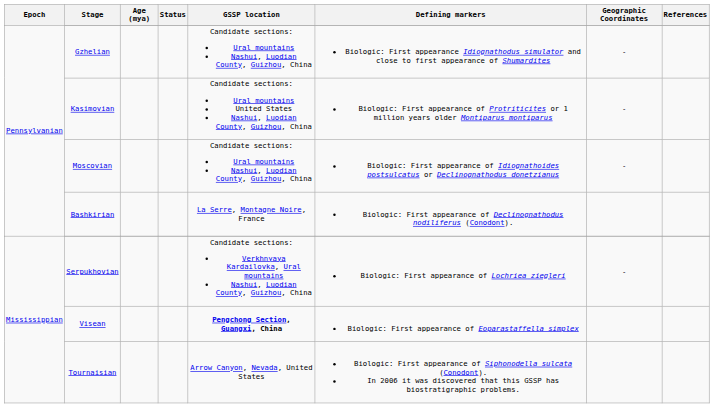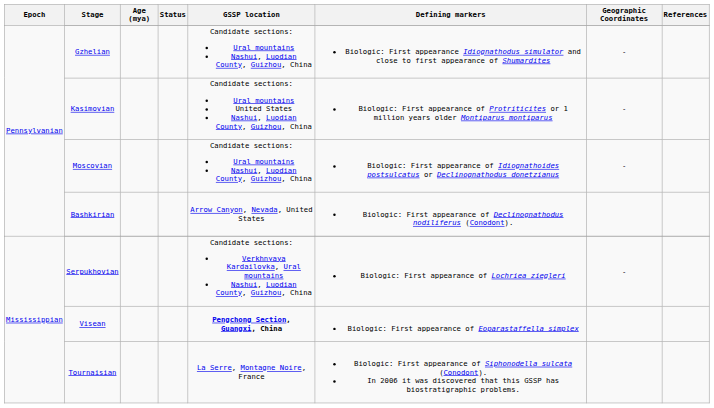 <table class="wikitable"  style="font-size:90%; width:90%; text-align:center;">
 <tr>
 <th style="width:75px;">Epoch</th>
 <th style="width:75px;">Stage</th>
 <th style="width:55px;">Age (mya)</th>
 <th style="width:15px;">Status</th>
 <th style="width:200px;">GSSP location</th>
 <th width="">Defining markers</th>
 <th width="">Geographic Coordinates</th>
 <th width="">References</th>
 </tr>
 <tr style="background:">
 <td rowspan="5"><a href='#'>Pennsylvanian</a></td>
 </tr>
 <tr style="background:">
 <td><a href='#'>Gzhelian</a></td>
 <td></td>
 <td></td>
 <td>Candidate sections:<br><ul><li><a href='#'>Ural mountains</a></li><li><a href='#'>Nashui</a>, <a href='#'>Luodian County</a>, <a href='#'>Guizhou</a>, China</li></ul></td>
 <td><br><ul><li>Biologic: First appearance <em><a href='#'>Idiognathodus simulator</a></em> and close to first appearance of <em><a href='#'>Shumardites</a></em></li></ul></td>
 <td>-</td>
 <td></td>
 </tr>
 <tr style="background:">
 <td><a href='#'>Kasimovian</a></td>
 <td></td>
 <td></td>
 <td>Candidate sections:<br><ul><li><a href='#'>Ural mountains</a></li><li>United States</li><li><a href='#'>Nashui</a>, <a href='#'>Luodian County</a>, <a href='#'>Guizhou</a>, China</li></ul></td>
 <td><br><ul><li>Biologic: First appearance of <em><a href='#'>Protriticites</a></em> or 1 million years older <em><a href='#'>Montiparus montiparus</a></em></li></ul></td>
 <td>-</td>
 <td></td>
 </tr>
 <tr style="background:">
 <td><a href='#'>Moscovian</a></td>
 <td></td>
 <td></td>
 <td>Candidate sections:<br><ul><li><a href='#'>Ural mountains</a></li><li><a href='#'>Nashui</a>, <a href='#'>Luodian County</a>, <a href='#'>Guizhou</a>, China</li></ul></td>
 <td><br><ul><li>Biologic: First appearance of <em><a href='#'>Idiognathoides postsulcatus</a></em> or <em><a href='#'>Declinognathodus donetzianus</a></em></li></ul></td>
 <td>-</td>
 <td></td>
 </tr>
 <tr style="background:">
 <td><a href='#'>Bashkirian</a></td>
 <td></td>
 <td></td>
-<td><a href='#'>La Serre</a>, <a href='#'>Montagne Noire</a>, France</td>
+<td><a href='#'>Arrow Canyon</a>, <a href='#'>Nevada</a>, United States</td>
 <td><br><ul><li>Biologic: First appearance of <em><a href='#'>Declinognathodus nodiliferus</a></em> (<a href='#'>Conodont</a>).</li></ul></td>
 <td></td>
 <td></td>
 </tr>
 <tr style="background:">
 <td rowspan="4"><a href='#'>Mississippian</a></td>
 </tr>
 <tr style="background:">
 <td><a href='#'>Serpukhovian</a></td>
 <td></td>
 <td></td>
 <td>Candidate sections:<br><ul><li><a href='#'>Verkhnyaya Kardailovka</a>, <a href='#'>Ural mountains</a></li><li><a href='#'>Nashui</a>, <a href='#'>Luodian County</a>, <a href='#'>Guizhou</a>, China</li></ul></td>
 <td><br><ul><li>Biologic: First appearance of <em><a href='#'>Lochriea ziegleri</a></em></li></ul></td>
 <td>-</td>
 <td></td>
 </tr>
 <tr style="background:">
 <td><a href='#'>Visean</a></td>
 <td></td>
 <td></td>
 <td><strong><a href='#'>Pengchong Section</a>,<br><a href='#'>Guangxi</a>, China</strong></td>
 <td><br><ul><li>Biologic: First appearance of <em><a href='#'>Eoparastaffella simplex</a></em></li></ul></td>
 <td></td>
 <td></td>
 </tr>
 <tr style="background:">
 <td><a href='#'>Tournaisian</a></td>
 <td></td>
 <td></td>
-<td><a href='#'>Arrow Canyon</a>, <a href='#'>Nevada</a>, United States</td>
+<td><a href='#'>La Serre</a>, <a href='#'>Montagne Noire</a>, France</td>
 <td><br><ul><li>Biologic: First appearance of <em><a href='#'>Siphonodella sulcata</a></em> (<a href='#'>Conodont</a>).</li><li>In 2006 it was discovered that this GSSP has biostratigraphic problems.</li></ul></td>
 <td></td>
 <td></td>
 </tr>
 </table>
